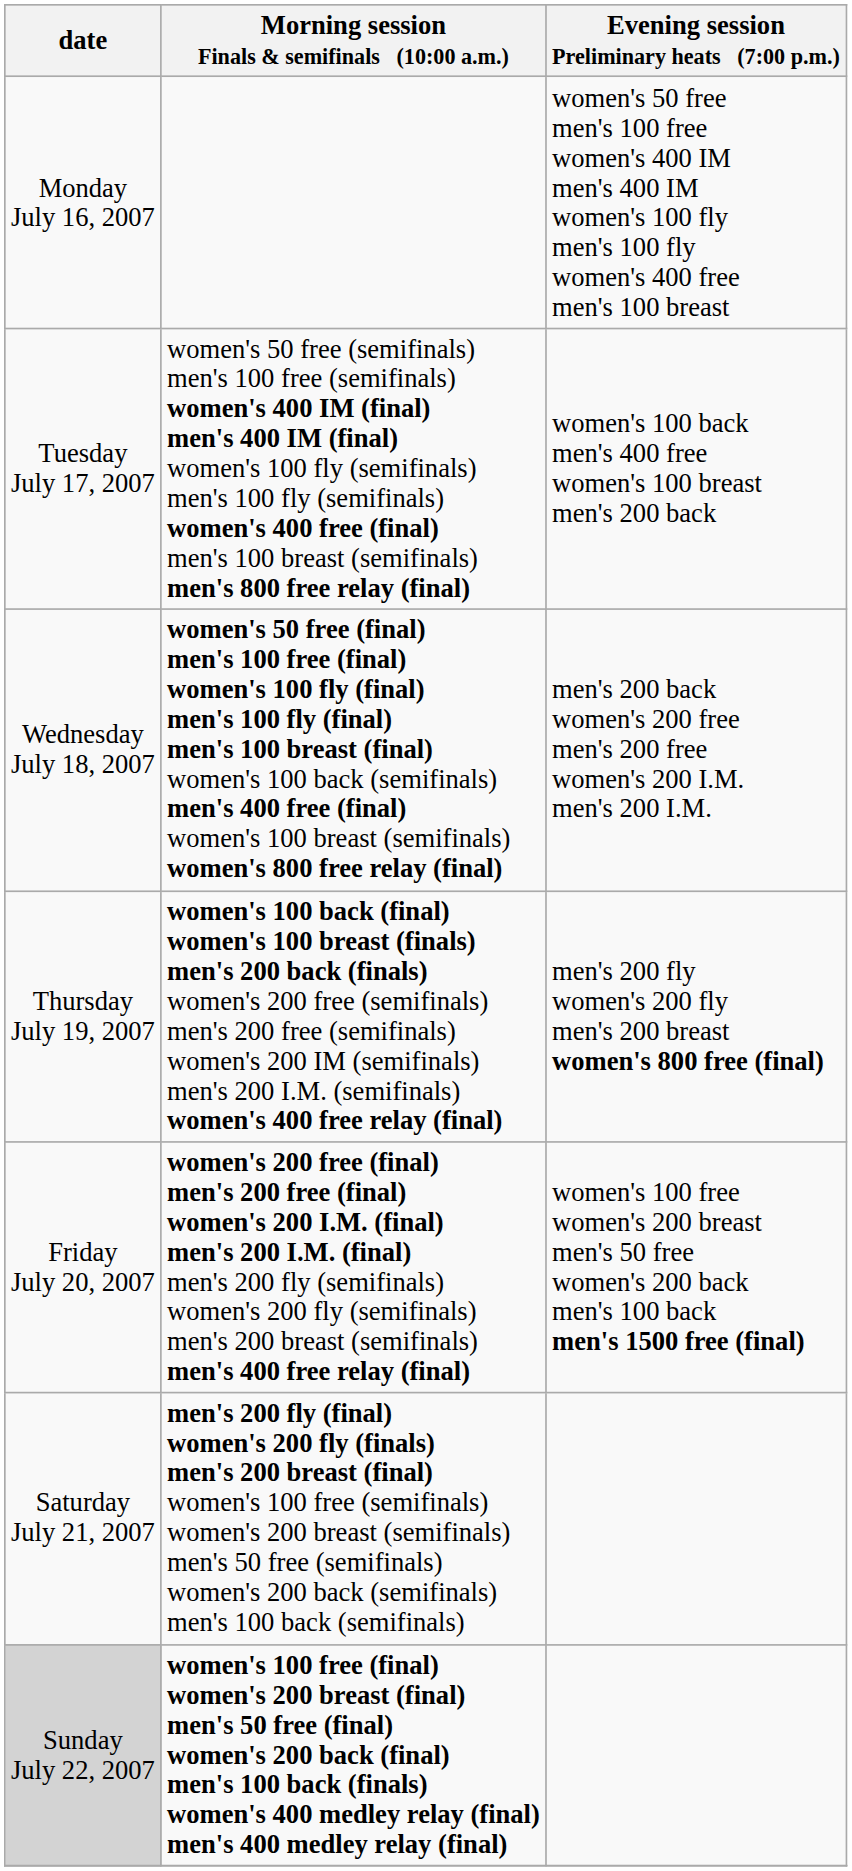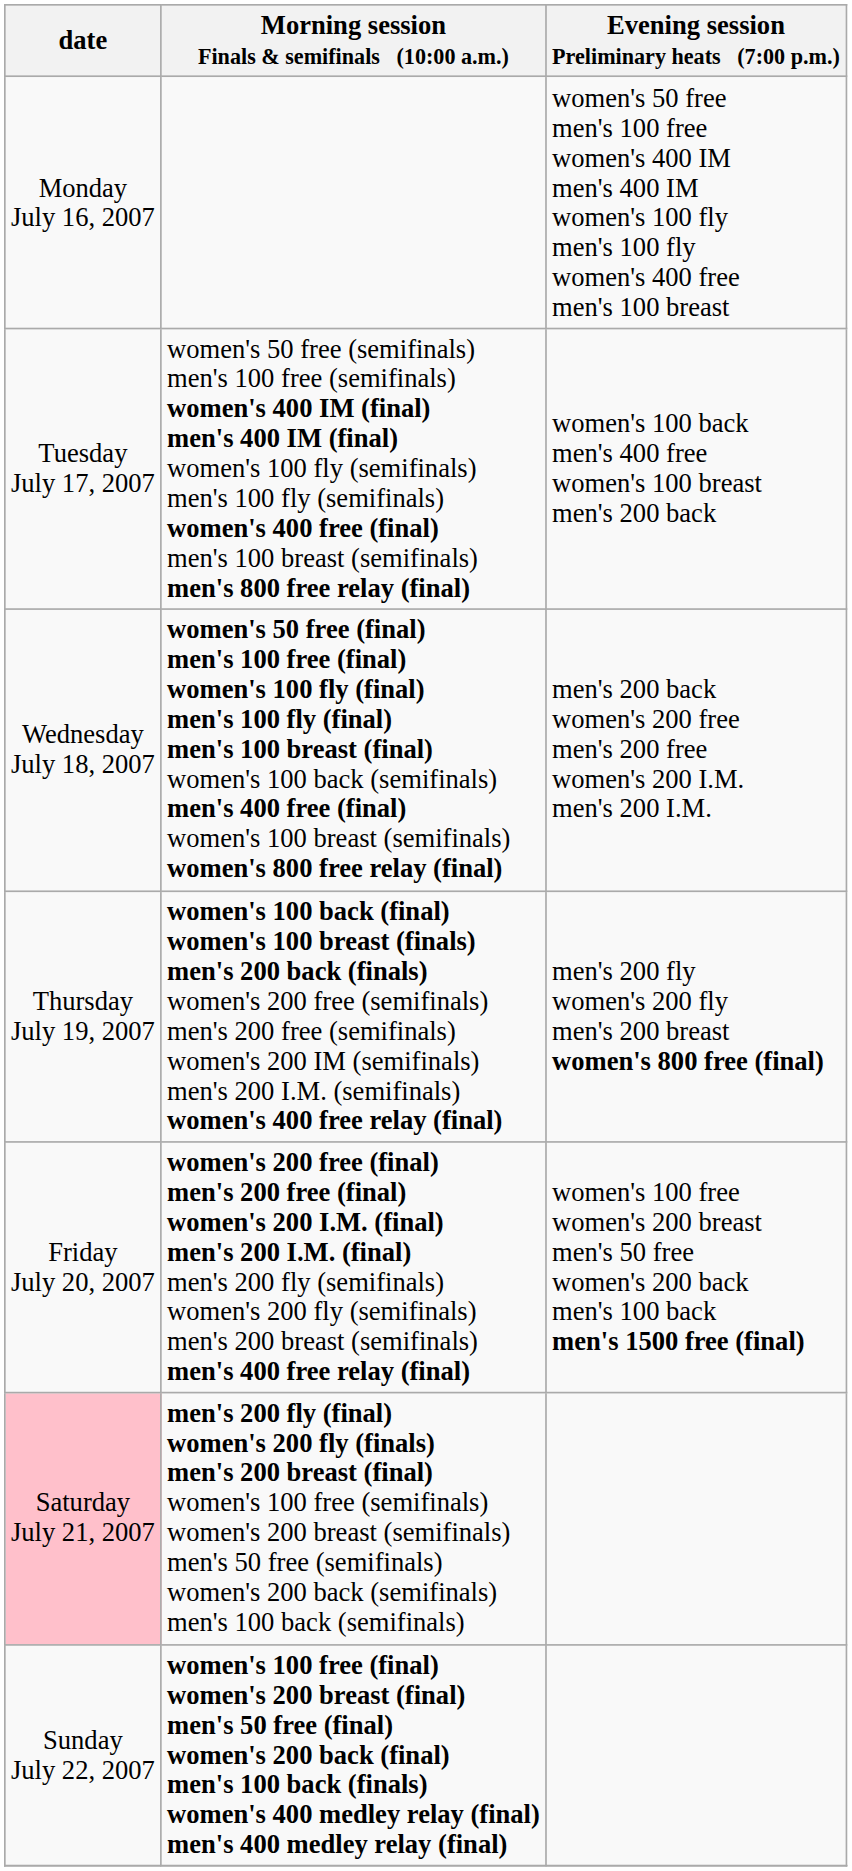 <table class=wikitable>
 <tr>
 <th>date</th>
 <th>Morning session <br> <small> Finals & semifinals   (10:00 a.m.)</small></th>
 <th>Evening session <br> <small> Preliminary heats   (7:00 p.m.) </small></th>
 </tr>
 <tr>
 <td align=center>Monday <br> July 16, 2007</td>
 <td></td>
 <td>women's 50 free <br> men's 100 free <br> women's 400 IM <br> men's 400 IM <br> women's 100 fly <br> men's 100 fly <br> women's 400 free <br> men's 100 breast</td>
 </tr>
 <tr>
 <td align=center>Tuesday <br> July 17, 2007</td>
 <td>women's 50 free (semifinals) <br> men's 100 free (semifinals) <br> <strong>women's 400 IM (final)</strong> <br> <strong>men's 400 IM (final)</strong> <br> women's 100 fly (semifinals) <br> men's 100 fly (semifinals) <br> <strong>women's 400 free (final)</strong> <br> men's 100 breast (semifinals) <br> <strong>men's 800 free relay (final)</strong></td>
 <td>women's 100 back <br> men's 400 free <br> women's 100 breast <br> men's 200 back</td>
 </tr>
 <tr>
 <td align=center>Wednesday <br> July 18, 2007</td>
 <td><strong>women's 50 free (final)</strong> <br> <strong>men's 100 free (final)</strong> <br> <strong>women's 100 fly (final)</strong> <br> <strong>men's 100 fly (final)</strong> <br> <strong>men's 100 breast (final)</strong> <br> women's 100 back (semifinals) <br> <strong>men's 400 free (final)</strong> <br> women's 100 breast (semifinals) <br> <strong>women's 800 free relay (final)</strong></td>
 <td>men's 200 back <br> women's 200 free <br> men's 200 free <br> women's 200 I.M. <br> men's 200 I.M.</td>
 </tr>
 <tr>
 <td align=center>Thursday <br> July 19, 2007</td>
 <td><strong>women's 100 back (final)</strong> <br> <strong>women's 100 breast (finals)</strong> <br> <strong>men's 200 back (finals)</strong> <br> women's 200 free (semifinals) <br> men's 200 free (semifinals) <br> women's 200 IM (semifinals) <br> men's 200 I.M. (semifinals) <br> <strong>women's 400 free relay (final)</strong></td>
 <td>men's 200 fly <br> women's 200 fly <br> men's 200 breast <br> <strong>women's 800 free (final)</strong></td>
 </tr>
 <tr>
 <td align=center>Friday <br> July 20, 2007</td>
 <td><strong>women's 200 free (final)</strong> <br> <strong>men's 200 free (final)</strong> <br> <strong>women's 200 I.M. (final)</strong> <br> <strong>men's 200 I.M. (final)</strong> <br> men's 200 fly (semifinals) <br> women's 200 fly (semifinals) <br> men's 200 breast (semifinals) <br> <strong>men's 400 free relay (final)</strong></td>
 <td>women's 100 free <br> women's 200 breast <br> men's 50 free <br> women's 200 back <br> men's 100 back <br> <strong>men's 1500 free (final)</strong></td>
 </tr>
 <tr>
-<td align=center>Saturday <br> July 21, 2007</td>
+<td align=center style="background: pink;">Saturday <br> July 21, 2007</td>
 <td><strong>men's 200 fly (final)</strong> <br> <strong>women's 200 fly (finals)</strong> <br> <strong>men's 200 breast (final)</strong> <br> women's 100 free (semifinals) <br> women's 200 breast (semifinals) <br> men's 50 free (semifinals) <br> women's 200 back (semifinals) <br> men's 100 back (semifinals)</td>
 <td></td>
 </tr>
 <tr>
-<td align=center style="background: lightgrey;">Sunday <br> July 22, 2007</td>
+<td align=center>Sunday <br> July 22, 2007</td>
 <td><strong>women's 100 free (final)</strong> <br> <strong>women's 200 breast (final)</strong> <br> <strong>men's 50 free (final)</strong> <br> <strong>women's 200 back (final)</strong> <br> <strong>men's 100 back (finals)</strong> <br> <strong>women's 400 medley relay (final)</strong> <br> <strong>men's 400 medley relay (final)</strong></td>
 <td></td>
 </tr>
 <tr>
 </tr>
 </table>
